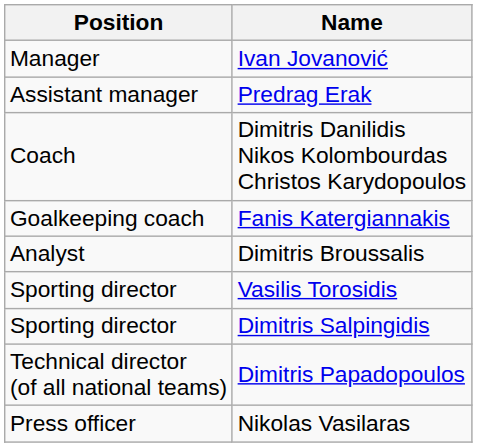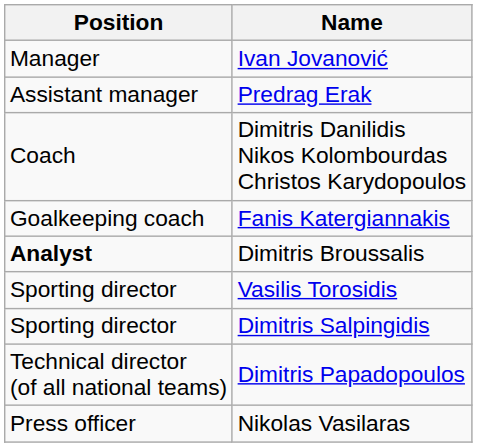 <table class="wikitable" style="text-align: left">
 <tr>
 <th>Position</th>
 <th>Name</th>
 </tr>
 <tr>
 <td>Manager</td>
 <td> <a href='#'>Ivan Jovanović</a></td>
 </tr>
 <tr>
 <td>Assistant manager</td>
 <td> <a href='#'>Predrag Erak</a></td>
 </tr>
 <tr>
 <td>Coach</td>
 <td> Dimitris Danilidis <br>  Nikos Kolombourdas <br>  Christos Karydopoulos</td>
 </tr>
 <tr>
 <td>Goalkeeping coach</td>
 <td> <a href='#'>Fanis Katergiannakis</a></td>
 </tr>
 <tr>
-<td>Analyst</td>
+<td><strong>Analyst</strong></td>
 <td> Dimitris Broussalis</td>
 </tr>
 <tr>
 <td>Sporting director</td>
 <td> <a href='#'>Vasilis Torosidis</a></td>
 </tr>
 <tr>
 <td>Sporting director</td>
 <td> <a href='#'>Dimitris Salpingidis</a></td>
 </tr>
 <tr>
 <td>Technical director<br>(of all national teams)</td>
 <td> <a href='#'>Dimitris Papadopoulos</a></td>
 </tr>
 <tr>
 <td>Press officer</td>
 <td> Nikolas Vasilaras</td>
 </tr>
 </table>
